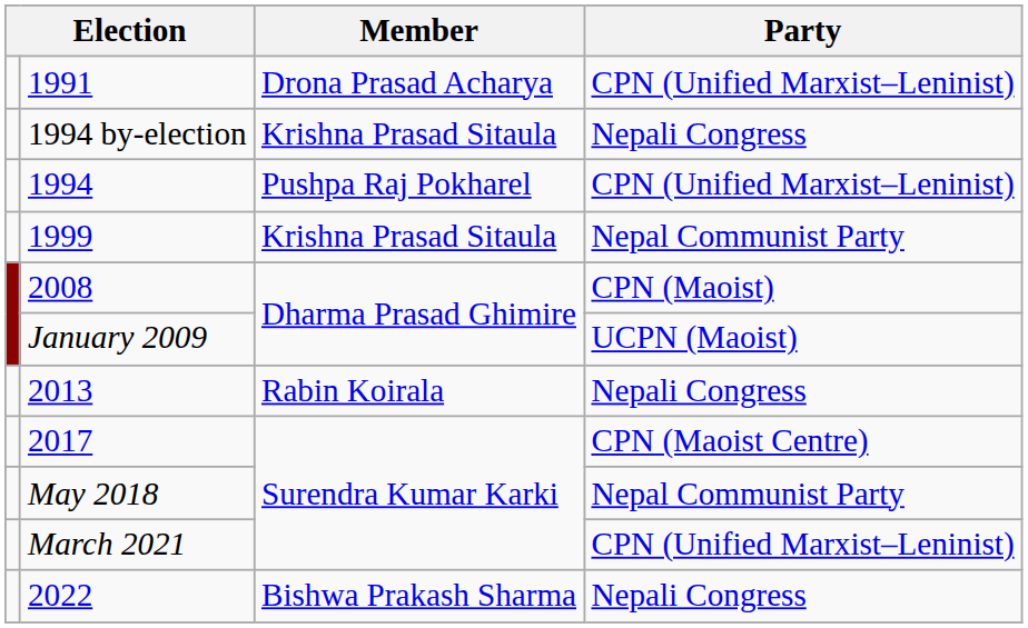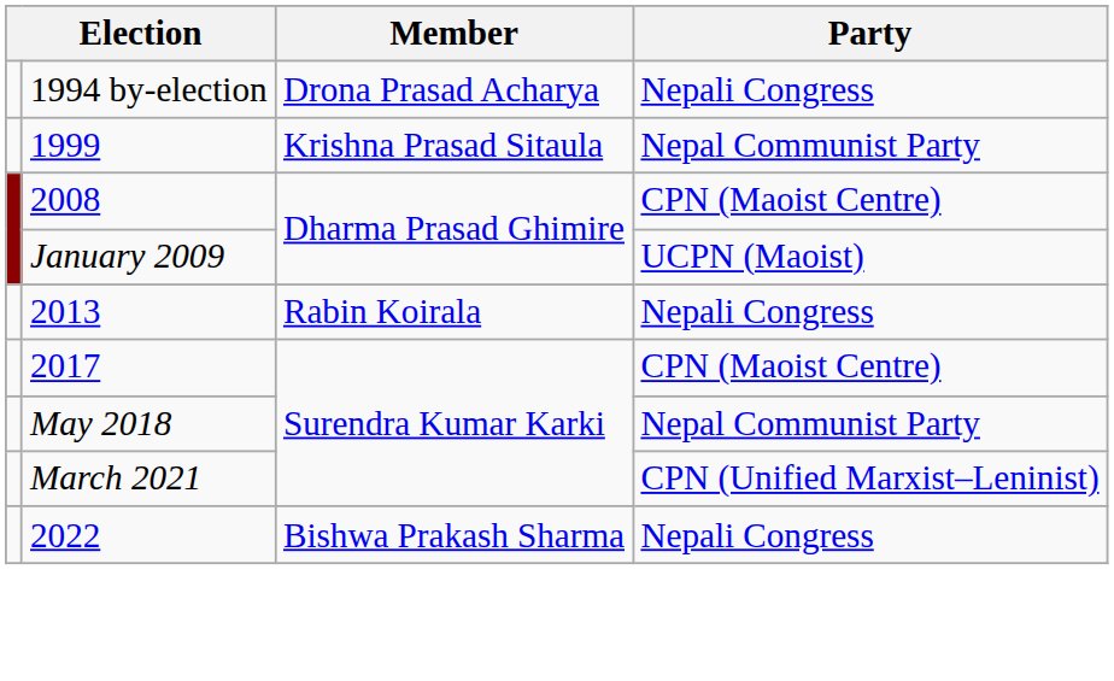 <table class="wikitable">
 <tr>
 <th colspan="2">Election</th>
 <th>Member</th>
 <th>Party</th>
 </tr>
 <tr>
 <td style="background-color:"></td>
-<td><a href='#'>1991</a></td>
+<td>1994 by-election</td>
 <td><a href='#'>Drona Prasad Acharya</a></td>
-<td><a href='#'>CPN (Unified Marxist–Leninist)</a></td>
-</tr>
-<tr>
-<td style="background-color:"></td>
-<td>1994 by-election</td>
-<td><a href='#'>Krishna Prasad Sitaula</a></td>
 <td><a href='#'>Nepali Congress</a></td>
-</tr>
-<tr>
-<td style="background-color:"></td>
-<td><a href='#'>1994</a></td>
-<td><a href='#'>Pushpa Raj Pokharel</a></td>
-<td><a href='#'>CPN (Unified Marxist–Leninist)</a></td>
 </tr>
 <tr>
 <td style="background-color:"></td>
 <td><a href='#'>1999</a></td>
 <td><a href='#'>Krishna Prasad Sitaula</a></td>
 <td><a href='#'>Nepal Communist Party</a></td>
 </tr>
 <tr>
 <td rowspan="2" style="background-color:darkred"></td>
 <td><a href='#'>2008</a></td>
 <td rowspan="2"><a href='#'>Dharma Prasad Ghimire</a></td>
-<td><a href='#'>CPN (Maoist)</a></td>
+<td><a href='#'>CPN (Maoist Centre)</a></td>
 </tr>
 <tr>
 <td><em>January 2009</em></td>
 <td><a href='#'>UCPN (Maoist)</a></td>
 </tr>
 <tr>
 <td style="background-color:"></td>
 <td><a href='#'>2013</a></td>
 <td><a href='#'>Rabin Koirala</a></td>
 <td><a href='#'>Nepali Congress</a></td>
 </tr>
 <tr>
 <td style="background-color:"></td>
 <td><a href='#'>2017</a></td>
 <td rowspan="3"><a href='#'>Surendra Kumar Karki</a></td>
 <td><a href='#'>CPN (Maoist Centre)</a></td>
 </tr>
 <tr>
 <td style="background-color:"></td>
 <td><em>May 2018</em></td>
 <td><a href='#'>Nepal Communist Party</a></td>
 </tr>
 <tr>
 <td style="background-color:"></td>
 <td><em>March 2021</em></td>
 <td><a href='#'>CPN (Unified Marxist–Leninist)</a></td>
 </tr>
 <tr>
 <td style="background-color:"></td>
 <td><a href='#'>2022</a></td>
 <td><a href='#'>Bishwa Prakash Sharma</a></td>
 <td><a href='#'>Nepali Congress</a></td>
 </tr>
 </table>
